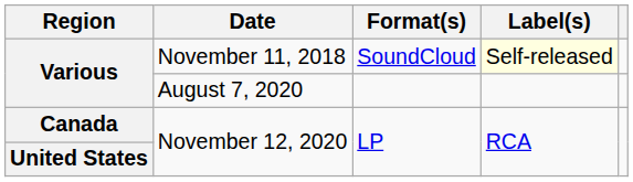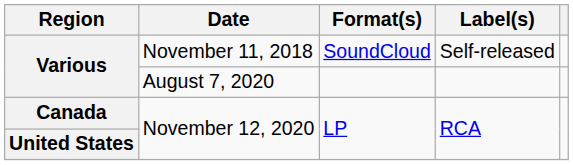 <table class="wikitable plainrowheaders">
 <tr>
 <th scope="col">Region</th>
 <th scope="col">Date</th>
 <th scope="col">Format(s)</th>
 <th scope="col">Label(s)</th>
 <th scope="col"></th>
 </tr>
 <tr>
 <th rowspan="2" scope="row">Various</th>
 <td>November 11, 2018</td>
 <td><a href='#'>SoundCloud</a></td>
-<td style="background: lightyellow;">Self-released</td>
+<td>Self-released</td>
 <td style="text-align:center;"></td>
 </tr>
 <tr>
 <td>August 7, 2020</td>
 <td></td>
 <td></td>
 <td style="text-align:center;"></td>
 </tr>
 <tr>
 <th scope="row">Canada</th>
 <td rowspan="2">November 12, 2020</td>
 <td rowspan="2"><a href='#'>LP</a></td>
 <td rowspan="2"><a href='#'>RCA</a></td>
 <td rowspan="2" style="text-align:center;"></td>
 </tr>
 <tr>
 <th scope="row">United States</th>
 </tr>
 </table>
